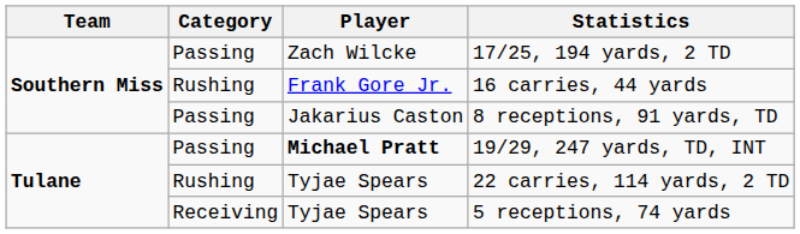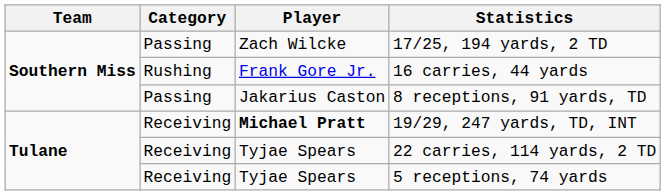 <table class="wikitable" style="float: right;">
 <tr>
 <th>Team</th>
 <th>Category</th>
 <th>Player</th>
 <th>Statistics</th>
 </tr>
 <tr>
 <td rowspan=3><strong>Southern Miss</strong></td>
 <td>Passing</td>
 <td>Zach Wilcke</td>
 <td>17/25, 194 yards, 2 TD</td>
 </tr>
 <tr>
 <td>Rushing</td>
 <td><a href='#'>Frank Gore Jr.</a></td>
 <td>16 carries, 44 yards</td>
 </tr>
 <tr>
 <td>Passing</td>
 <td>Jakarius Caston</td>
 <td>8 receptions, 91 yards, TD</td>
 </tr>
 <tr>
 <td rowspan=3><strong>Tulane</strong></td>
-<td>Passing</td>
+<td>Receiving</td>
 <td><strong>Michael Pratt</strong></td>
 <td>19/29, 247 yards, TD, INT</td>
 </tr>
 <tr>
-<td>Rushing</td>
+<td>Receiving</td>
 <td>Tyjae Spears</td>
 <td>22 carries, 114 yards, 2 TD</td>
 </tr>
 <tr>
 <td>Receiving</td>
 <td>Tyjae Spears</td>
 <td>5 receptions, 74 yards</td>
 </tr>
 </table>
